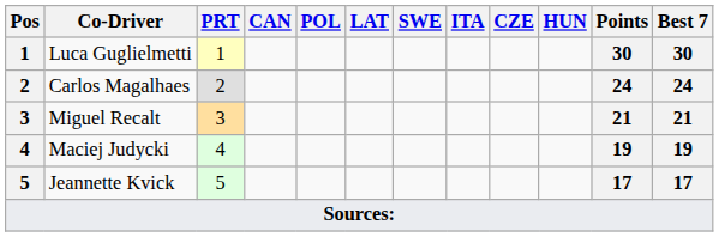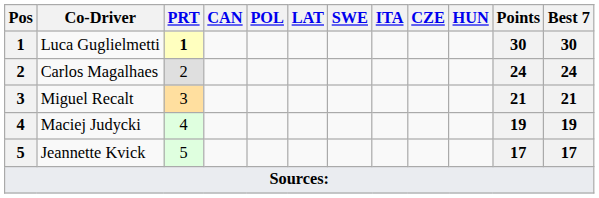 <table class="wikitable" style="font-size: 85%; text-align: center">
 <tr valign="top">
 <th valign="middle">Pos</th>
 <th valign="middle">Co-Driver</th>
 <th><a href='#'>PRT</a><br></th>
 <th><a href='#'>CAN</a><br></th>
 <th><a href='#'>POL</a><br></th>
 <th><a href='#'>LAT</a><br></th>
 <th><a href='#'>SWE</a><br></th>
 <th><a href='#'>ITA</a><br></th>
 <th><a href='#'>CZE</a><br></th>
 <th><a href='#'>HUN</a><br></th>
 <th valign="middle">Points</th>
 <th valign="middle">Best 7</th>
 </tr>
 <tr>
 <th>1</th>
 <td align=left> Luca Guglielmetti</td>
-<td style="background:#FFFFBF;">1</td>
+<td style="background:#FFFFBF;"><strong>1</strong></td>
 <td></td>
 <td></td>
 <td></td>
 <td></td>
 <td></td>
 <td></td>
 <td></td>
 <th>30</th>
 <th>30</th>
 </tr>
 <tr>
 <th>2</th>
 <td align="left"> Carlos Magalhaes</td>
 <td style="background:#DFDFDF;">2</td>
 <td></td>
 <td></td>
 <td></td>
 <td></td>
 <td></td>
 <td></td>
 <td></td>
 <th>24</th>
 <th>24</th>
 </tr>
 <tr>
 <th>3</th>
 <td align="left"> Miguel Recalt</td>
 <td style="background:#FFDF9F;">3</td>
 <td></td>
 <td></td>
 <td></td>
 <td></td>
 <td></td>
 <td></td>
 <td></td>
 <th>21</th>
 <th>21</th>
 </tr>
 <tr>
 <th>4</th>
 <td align="left"> Maciej Judycki</td>
 <td style="background:#DFFFDF;">4</td>
 <td></td>
 <td></td>
 <td></td>
 <td></td>
 <td></td>
 <td></td>
 <td></td>
 <th>19</th>
 <th>19</th>
 </tr>
 <tr>
 <th>5</th>
 <td align="left"> Jeannette Kvick</td>
 <td style="background:#DFFFDF;">5</td>
 <td></td>
 <td></td>
 <td></td>
 <td></td>
 <td></td>
 <td></td>
 <td></td>
 <th>17</th>
 <th>17</th>
 </tr>
 <tr>
 <td colspan="12" style="background-color:#EAECF0;text-align:center"><strong>Sources:</strong></td>
 </tr>
 </table>
